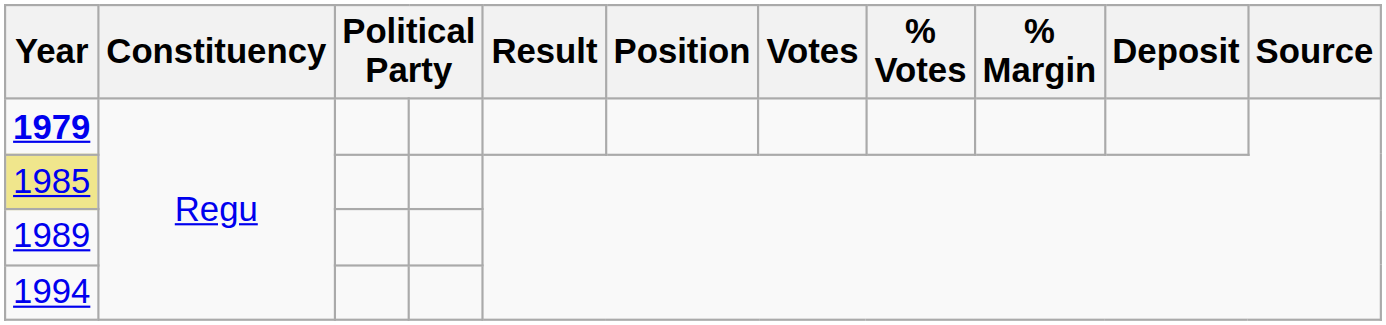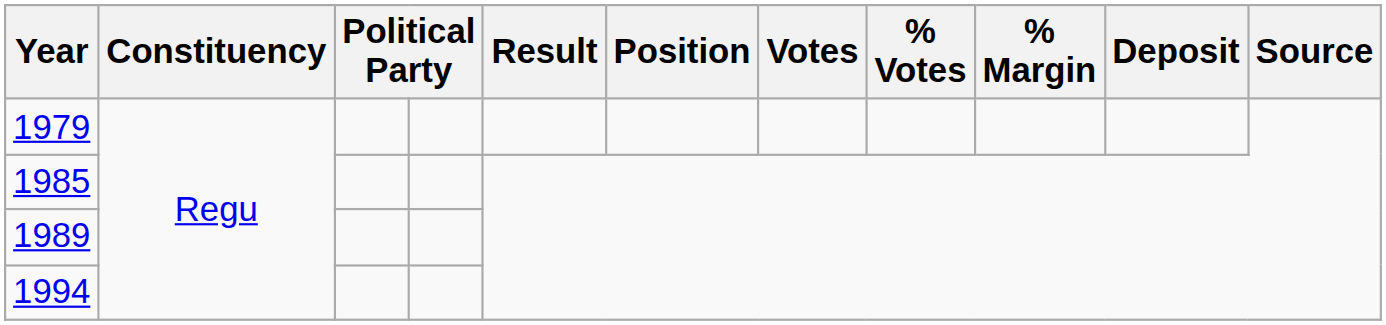 <table class="wikitable sortable" style="text-align:center;">
 <tr>
 <th>Year</th>
 <th>Constituency</th>
 <th colspan=2>Political Party</th>
 <th>Result</th>
 <th>Position</th>
 <th>Votes</th>
 <th>% Votes</th>
 <th>% Margin</th>
 <th>Deposit</th>
 <th>Source</th>
 </tr>
 <tr>
-<td><strong><a href='#'>1979</a></strong></td>
+<td><a href='#'>1979</a></td>
 <td rowspan=4><a href='#'>Regu</a></td>
 <td></td>
 <td></td>
 <td></td>
 <td></td>
 <td></td>
 <td></td>
 <td></td>
 <td></td>
 </tr>
 <tr>
-<td style="background: khaki;"><a href='#'>1985</a></td>
+<td><a href='#'>1985</a></td>
 <td></td>
 <td></td>
 </tr>
 <tr>
 <td><a href='#'>1989</a></td>
 <td></td>
 <td></td>
 </tr>
 <tr>
 <td><a href='#'>1994</a></td>
 <td></td>
 <td></td>
 </tr>
 </table>
